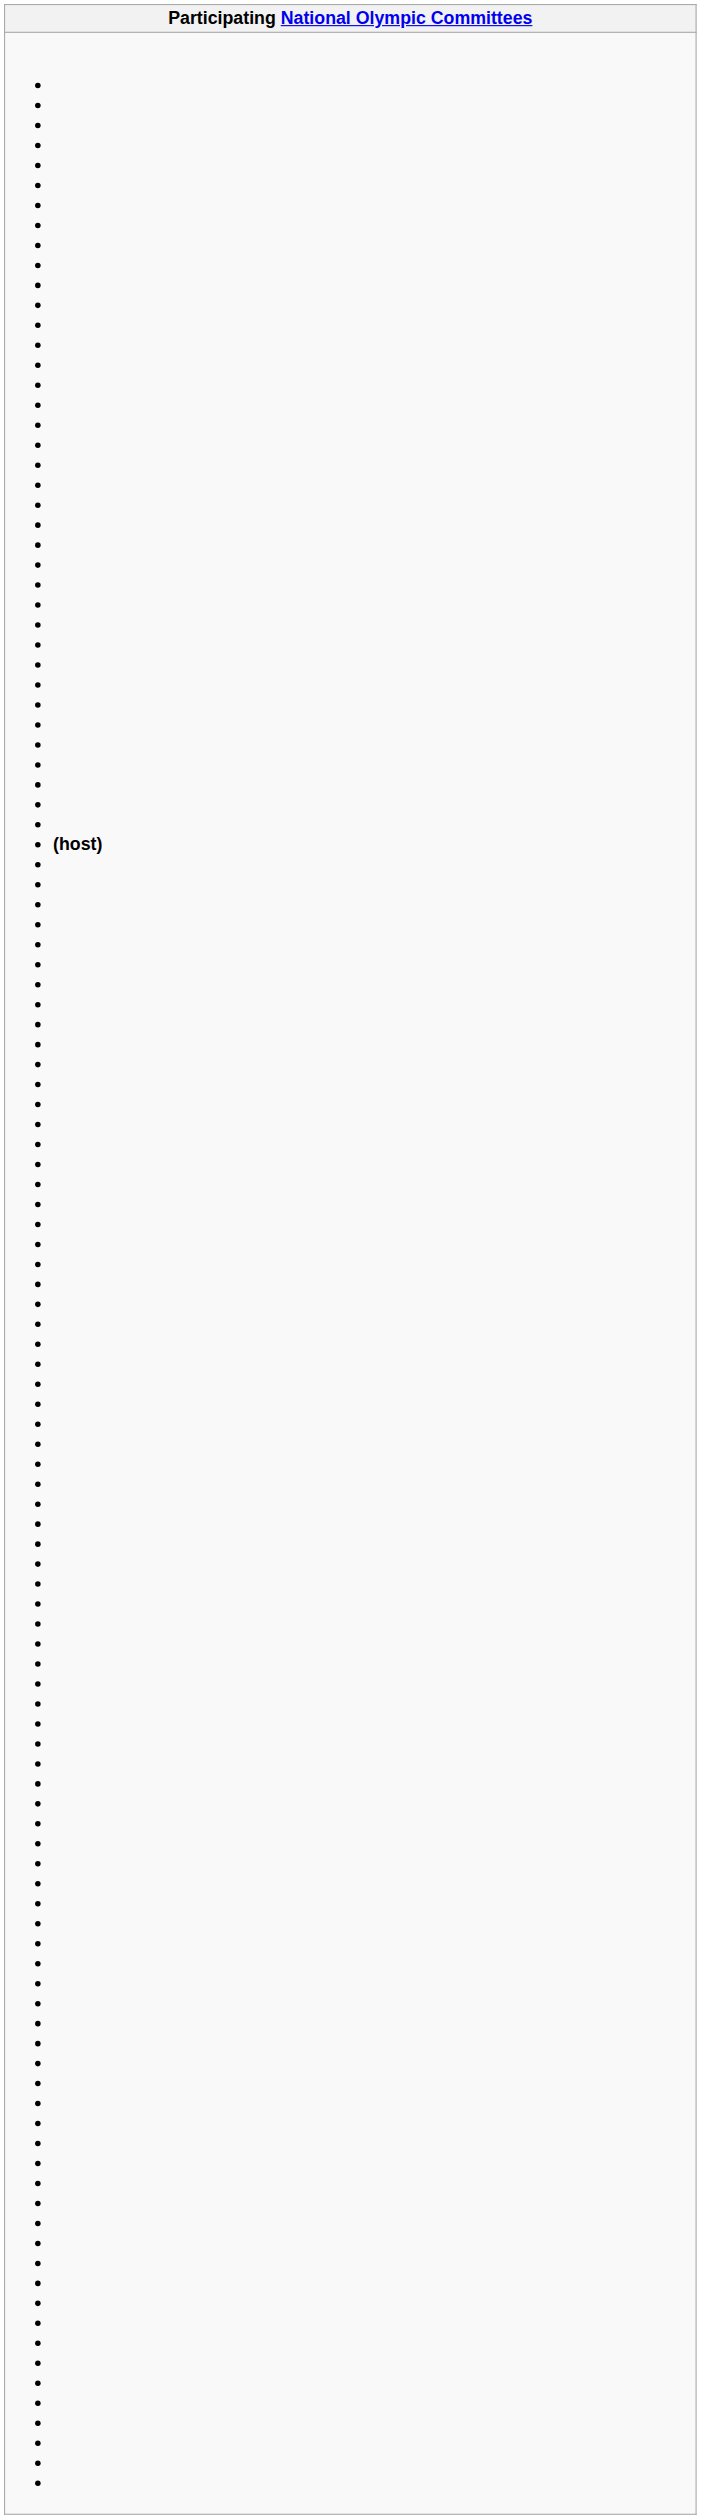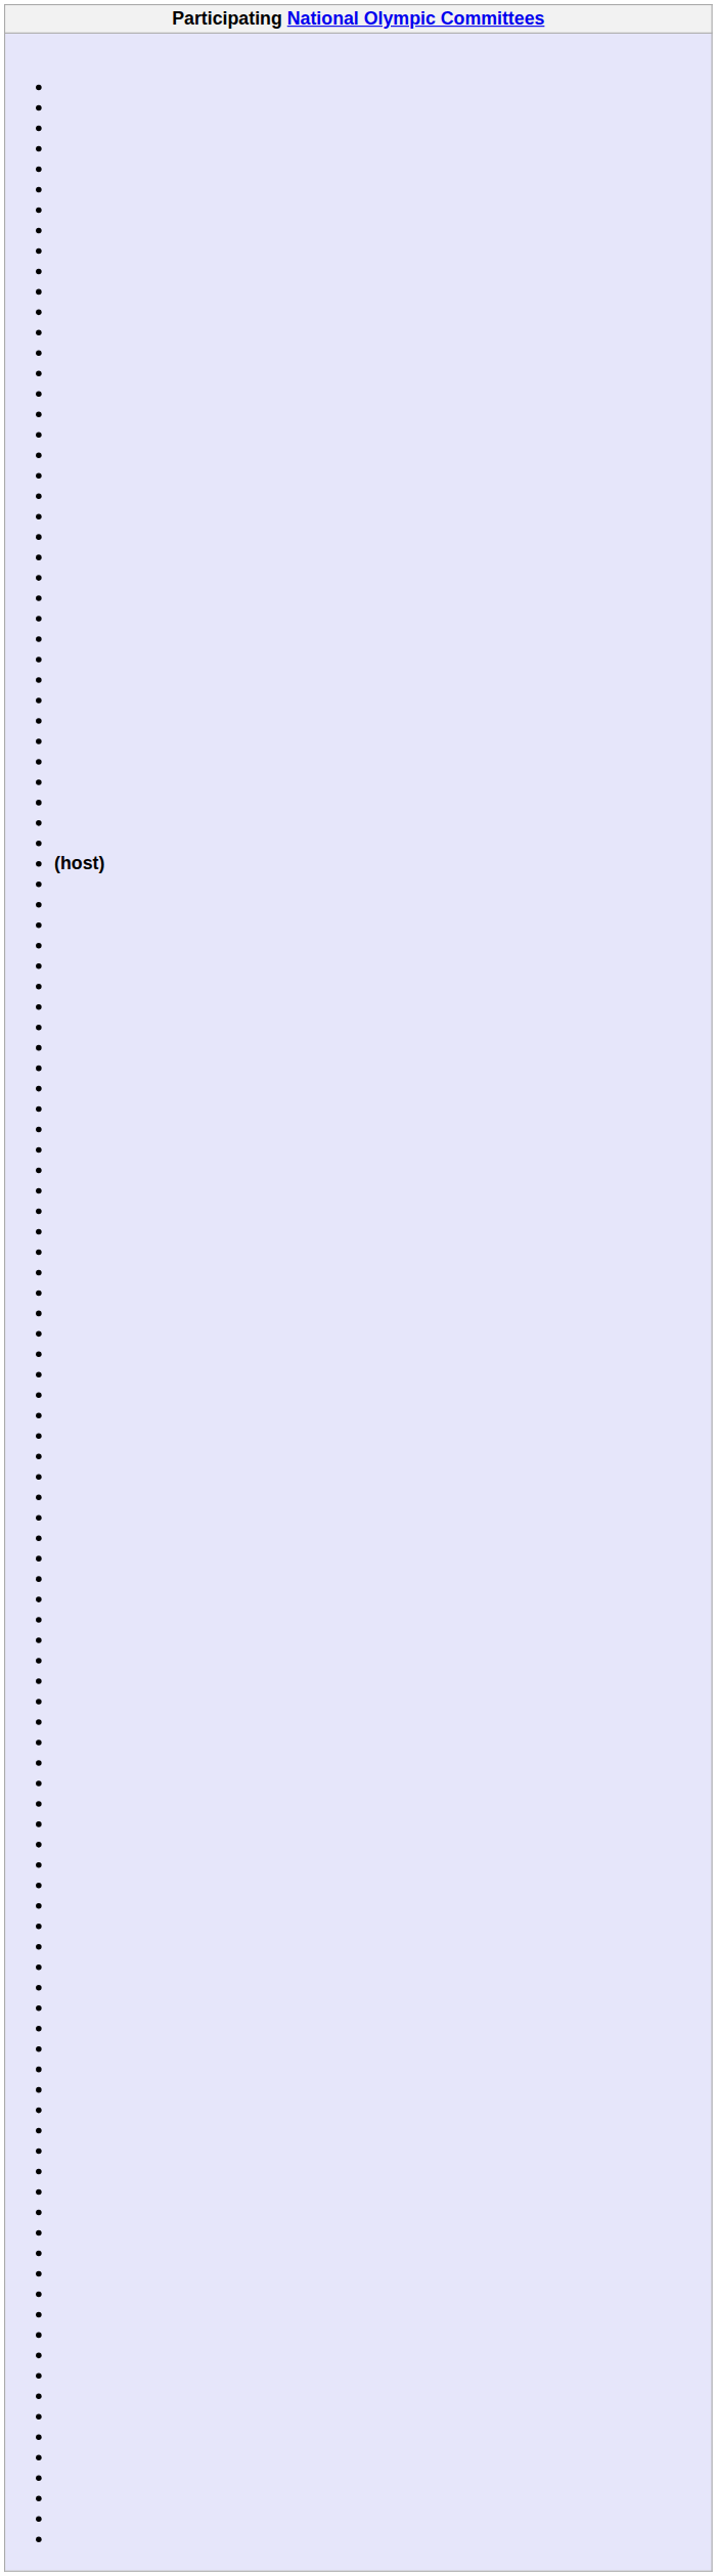 <table class="wikitable collapsible" style="width:100%;">
 <tr>
 <th>Participating <a href='#'>National Olympic Committees</a></th>
 </tr>
 <tr>
-<td><br><ul><li></li><li></li><li></li><li></li><li></li><li></li><li></li><li></li><li></li><li></li><li></li><li></li><li></li><li></li><li></li><li></li><li></li><li></li><li></li><li></li><li></li><li></li><li></li><li></li><li></li><li></li><li></li><li></li><li></li><li></li><li></li><li></li><li></li><li></li><li></li><li></li><li></li><li></li><li> <strong>(host)</strong></li><li></li><li></li><li></li><li></li><li></li><li></li><li></li><li></li><li></li><li></li><li></li><li></li><li></li><li></li><li></li><li></li><li></li><li></li><li></li><li></li><li></li><li></li><li></li><li></li><li></li><li></li><li></li><li></li><li></li><li></li><li></li><li></li><li></li><li></li><li></li><li></li><li></li><li></li><li></li><li></li><li></li><li></li><li></li><li></li><li></li><li></li><li></li><li></li><li></li><li></li><li></li><li></li><li></li><li></li><li></li><li></li><li></li><li></li><li></li><li></li><li></li><li></li><li></li><li></li><li></li><li></li><li></li><li></li><li></li><li></li><li></li><li></li><li></li><li></li><li></li><li></li><li></li><li></li><li></li><li></li><li></li><li></li></ul></td>
+<td style="background: lavender;"><br><ul><li></li><li></li><li></li><li></li><li></li><li></li><li></li><li></li><li></li><li></li><li></li><li></li><li></li><li></li><li></li><li></li><li></li><li></li><li></li><li></li><li></li><li></li><li></li><li></li><li></li><li></li><li></li><li></li><li></li><li></li><li></li><li></li><li></li><li></li><li></li><li></li><li></li><li></li><li> <strong>(host)</strong></li><li></li><li></li><li></li><li></li><li></li><li></li><li></li><li></li><li></li><li></li><li></li><li></li><li></li><li></li><li></li><li></li><li></li><li></li><li></li><li></li><li></li><li></li><li></li><li></li><li></li><li></li><li></li><li></li><li></li><li></li><li></li><li></li><li></li><li></li><li></li><li></li><li></li><li></li><li></li><li></li><li></li><li></li><li></li><li></li><li></li><li></li><li></li><li></li><li></li><li></li><li></li><li></li><li></li><li></li><li></li><li></li><li></li><li></li><li></li><li></li><li></li><li></li><li></li><li></li><li></li><li></li><li></li><li></li><li></li><li></li><li></li><li></li><li></li><li></li><li></li><li></li><li></li><li></li><li></li><li></li><li></li><li></li></ul></td>
 </tr>
 </table>
